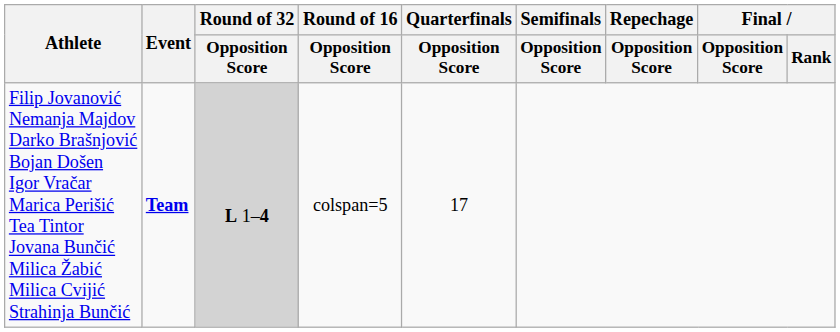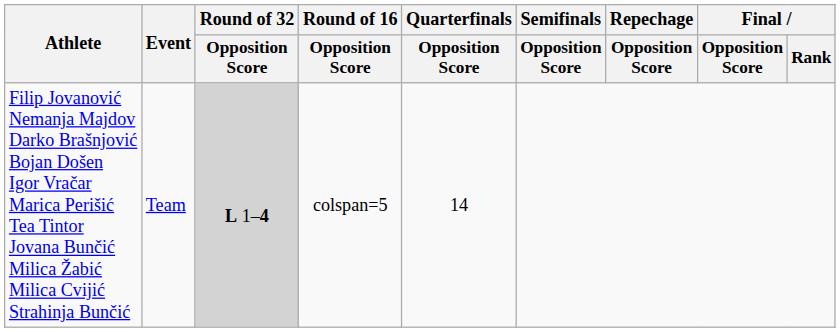 <table class=wikitable style="font-size:90%">
 <tr>
 <th rowspan="2">Athlete</th>
 <th rowspan="2">Event</th>
 <th>Round of 32</th>
 <th>Round of 16</th>
 <th>Quarterfinals</th>
 <th>Semifinals</th>
 <th>Repechage</th>
 <th colspan=2>Final / </th>
 </tr>
 <tr style="font-size:95%">
 <th>Opposition<br>Score</th>
 <th>Opposition<br>Score</th>
 <th>Opposition<br>Score</th>
 <th>Opposition<br>Score</th>
 <th>Opposition<br>Score</th>
 <th>Opposition<br>Score</th>
 <th>Rank</th>
 </tr>
 <tr align=center>
 <td align=left><a href='#'>Filip Jovanović</a><br><a href='#'>Nemanja Majdov</a><br><a href='#'>Darko Brašnjović</a><br><a href='#'>Bojan Došen</a><br><a href='#'>Igor Vračar</a><br><a href='#'>Marica Perišić</a><br><a href='#'>Tea Tintor</a><br><a href='#'>Jovana Bunčić</a><br><a href='#'>Milica Žabić</a><br><a href='#'>Milica Cvijić</a><br><a href='#'>Strahinja Bunčić</a></td>
-<td align=left><strong><a href='#'>Team</a></strong></td>
+<td align=left><a href='#'>Team</a></td>
 <td style="background: lightgrey;"><br><strong>L</strong> 1–<strong>4</strong></td>
 <td>colspan=5 </td>
-<td>17</td>
+<td>14</td>
 </tr>
 </table>
